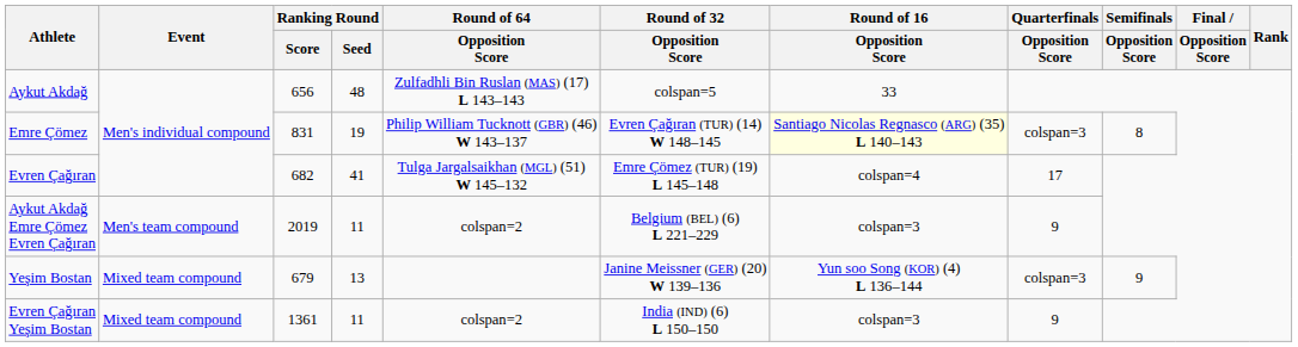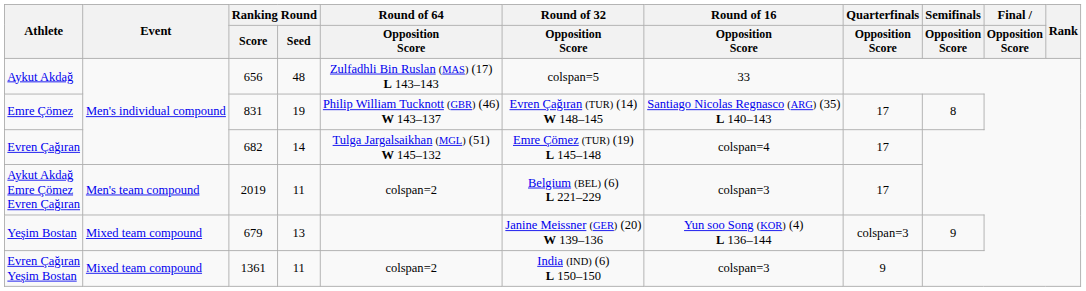 <table class="wikitable" style="font-size:90%">
 <tr>
 <th rowspan="2">Athlete</th>
 <th rowspan="2">Event</th>
 <th colspan="2">Ranking Round</th>
 <th>Round of 64</th>
 <th>Round of 32</th>
 <th>Round of 16</th>
 <th>Quarterfinals</th>
 <th>Semifinals</th>
 <th>Final / </th>
 <th rowspan="2">Rank</th>
 </tr>
 <tr style="font-size:95%">
 <th>Score</th>
 <th>Seed</th>
 <th>Opposition<br>Score</th>
 <th>Opposition<br>Score</th>
 <th>Opposition<br>Score</th>
 <th>Opposition<br>Score</th>
 <th>Opposition<br>Score</th>
 <th>Opposition<br>Score</th>
 </tr>
 <tr align=center>
 <td align=left><a href='#'>Aykut Akdağ</a></td>
 <td align=left rowspan=3><a href='#'>Men's individual compound</a></td>
 <td>656</td>
 <td>48</td>
 <td> <a href='#'>Zulfadhli Bin Ruslan</a> <small>(<a href='#'>MAS</a>)</small> (17) <br><strong>L</strong> 143–143</td>
 <td>colspan=5 </td>
 <td>33</td>
 </tr>
 <tr align=center>
 <td align=left><a href='#'>Emre Çömez</a></td>
 <td>831</td>
 <td>19</td>
 <td> <a href='#'>Philip William Tucknott</a> <small>(<a href='#'>GBR</a>)</small> (46) <br><strong>W</strong> 143–137</td>
 <td> <a href='#'>Evren Çağıran</a> <small>(TUR)</small> (14) <br><strong>W</strong> 148–145</td>
-<td style="background: lightyellow;"> <a href='#'>Santiago Nicolas Regnasco</a> <small>(<a href='#'>ARG</a>)</small> (35) <br><strong>L</strong> 140–143</td>
-<td>colspan=3 </td>
+<td> <a href='#'>Santiago Nicolas Regnasco</a> <small>(<a href='#'>ARG</a>)</small> (35) <br><strong>L</strong> 140–143</td>
+<td>17</td>
 <td>8</td>
 </tr>
 <tr align=center>
 <td align=left><a href='#'>Evren Çağıran</a></td>
 <td>682</td>
-<td>41</td>
+<td>14</td>
 <td> <a href='#'>Tulga Jargalsaikhan</a> <small>(<a href='#'>MGL</a>)</small> (51) <br><strong>W</strong> 145–132</td>
 <td> <a href='#'>Emre Çömez</a> <small>(TUR)</small> (19) <br><strong>L</strong> 145–148</td>
 <td>colspan=4 </td>
 <td>17</td>
 </tr>
 <tr align=center>
 <td align=left><a href='#'>Aykut Akdağ</a><br><a href='#'>Emre Çömez</a><br><a href='#'>Evren Çağıran</a></td>
 <td align=left><a href='#'>Men's team compound</a></td>
 <td>2019</td>
 <td>11</td>
 <td>colspan=2 </td>
 <td> <a href='#'>Belgium</a> <small>(BEL)</small> (6) <br><strong>L</strong> 221–229</td>
 <td>colspan=3 </td>
-<td>9</td>
+<td>17</td>
 </tr>
 <tr align=center>
 <td align=left><a href='#'>Yeşim Bostan</a></td>
 <td align=left><a href='#'>Mixed team compound</a></td>
 <td>679</td>
 <td>13</td>
 <td></td>
 <td> <a href='#'>Janine Meissner</a> <small>(<a href='#'>GER</a>)</small> (20) <br><strong>W</strong> 139–136</td>
 <td> <a href='#'>Yun soo Song</a> <small>(<a href='#'>KOR</a>)</small> (4) <br><strong>L</strong> 136–144</td>
 <td>colspan=3 </td>
 <td>9</td>
 </tr>
 <tr align=center>
 <td align=left><a href='#'>Evren Çağıran</a><br><a href='#'>Yeşim Bostan</a></td>
 <td align=left><a href='#'>Mixed team compound</a></td>
 <td>1361</td>
 <td>11</td>
 <td>colspan=2 </td>
 <td> <a href='#'>India</a> <small>(IND)</small> (6) <br><strong>L</strong> 150–150</td>
 <td>colspan=3 </td>
 <td>9</td>
 </tr>
 </table>
